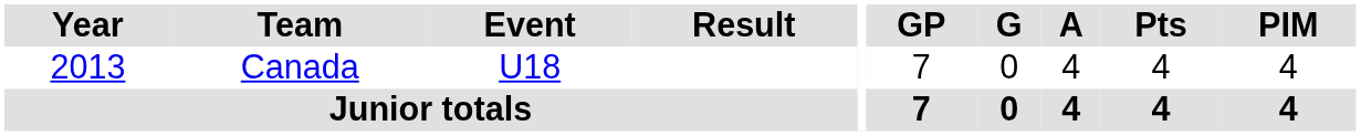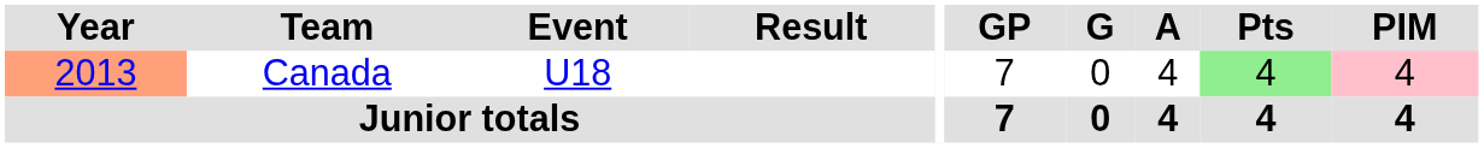 <table border="0" cellpadding="1" cellspacing="0" ID="Table3" style="text-align:center; width:40em;">
 <tr ALIGN="center" bgcolor="#e0e0e0">
 <th>Year</th>
 <th>Team</th>
 <th>Event</th>
 <th>Result</th>
 <th rowspan="99" bgcolor="#ffffff"></th>
 <th>GP</th>
 <th>G</th>
 <th>A</th>
 <th>Pts</th>
 <th>PIM</th>
 </tr>
 <tr>
-<td><a href='#'>2013</a></td>
+<td style="background: lightsalmon;"><a href='#'>2013</a></td>
 <td><a href='#'>Canada</a></td>
 <td><a href='#'>U18</a></td>
 <td></td>
 <td>7</td>
 <td>0</td>
 <td>4</td>
-<td>4</td>
-<td>4</td>
+<td style="background: lightgreen;">4</td>
+<td style="background: pink;">4</td>
 </tr>
 <tr bgcolor="#e0e0e0">
 <th colspan="4">Junior totals</th>
 <th>7</th>
 <th>0</th>
 <th>4</th>
 <th>4</th>
 <th>4</th>
 </tr>
 </table>
